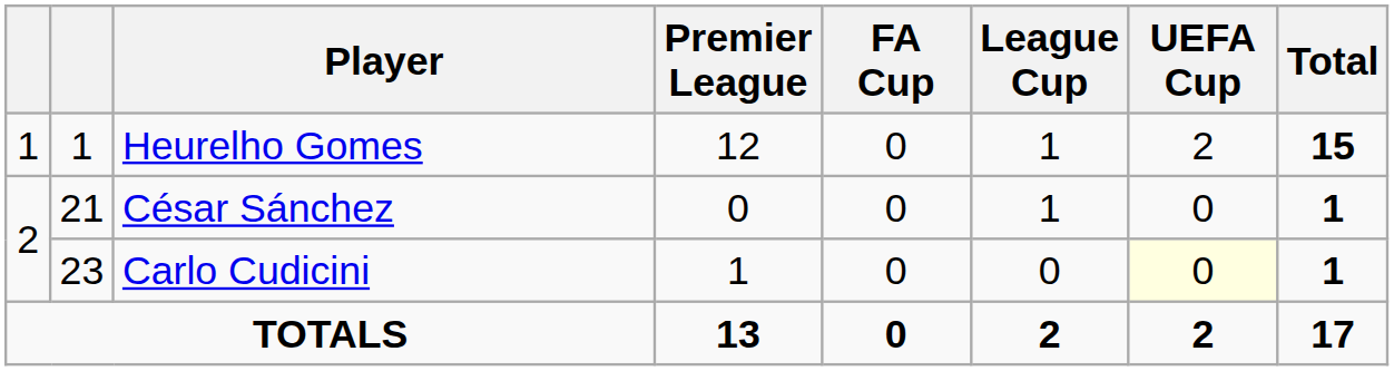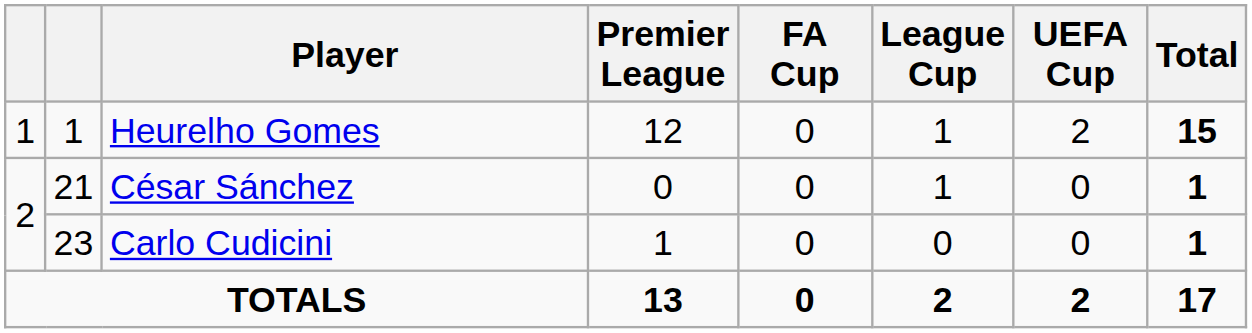 <table class="wikitable sortable" style="font-size: 95%; text-align: center;">
 <tr>
 <th width=10></th>
 <th width=10></th>
 <th width=200>Player</th>
 <th width=50>Premier League</th>
 <th width=50>FA Cup</th>
 <th width=50>League Cup</th>
 <th width=50>UEFA Cup</th>
 <th>Total</th>
 </tr>
 <tr>
 <td>1</td>
 <td>1</td>
 <td align="left"> <a href='#'>Heurelho Gomes</a></td>
 <td>12</td>
 <td>0</td>
 <td>1</td>
 <td>2</td>
 <td><strong>15</strong></td>
 </tr>
 <tr>
 <td rowspan="2">2</td>
 <td>21</td>
 <td align="left"> <a href='#'>César Sánchez</a></td>
 <td>0</td>
 <td>0</td>
 <td>1</td>
 <td>0</td>
 <td><strong>1</strong></td>
 </tr>
 <tr>
 <td>23</td>
 <td align="left"> <a href='#'>Carlo Cudicini</a></td>
 <td>1</td>
 <td>0</td>
 <td>0</td>
-<td style="background: lightyellow;">0</td>
+<td>0</td>
 <td><strong>1</strong></td>
 </tr>
 <tr>
 <td colspan="3"><strong>TOTALS</strong></td>
 <td><strong>13</strong></td>
 <td><strong>0</strong></td>
 <td><strong>2</strong></td>
 <td><strong>2</strong></td>
 <td><strong>17</strong></td>
 </tr>
 </table>
